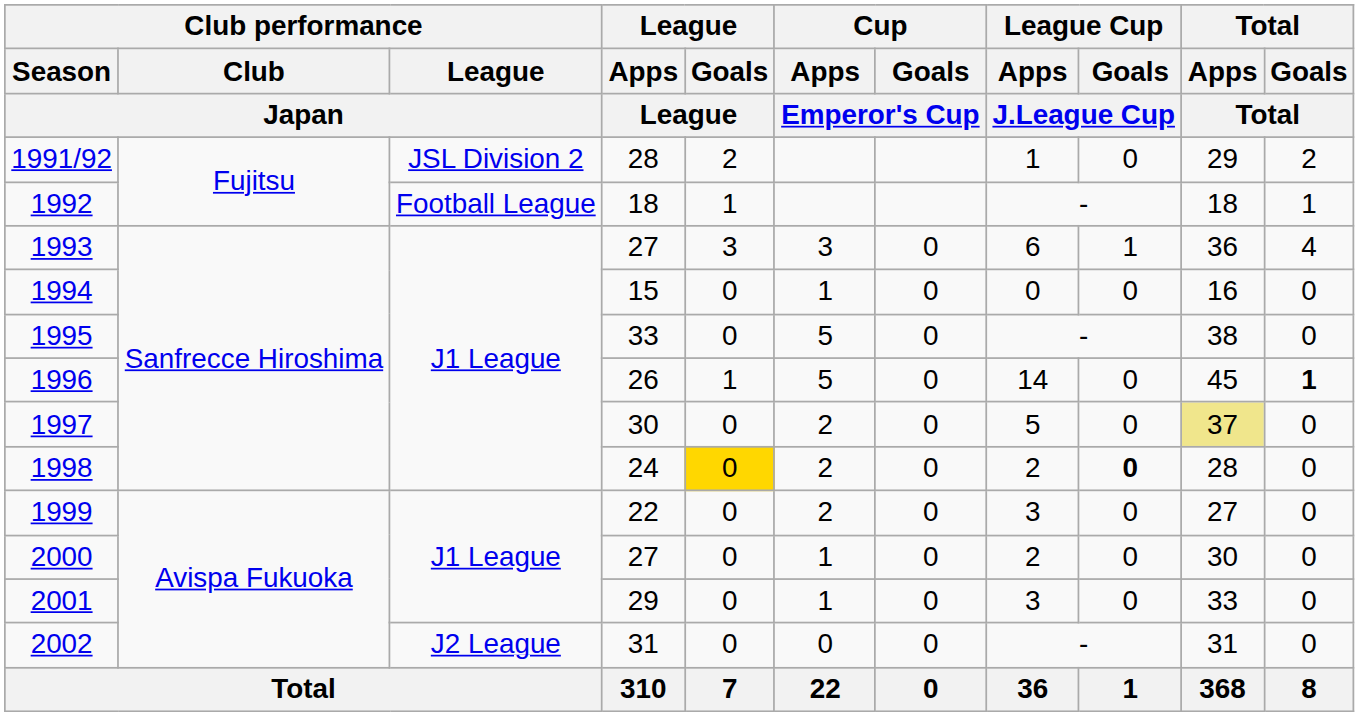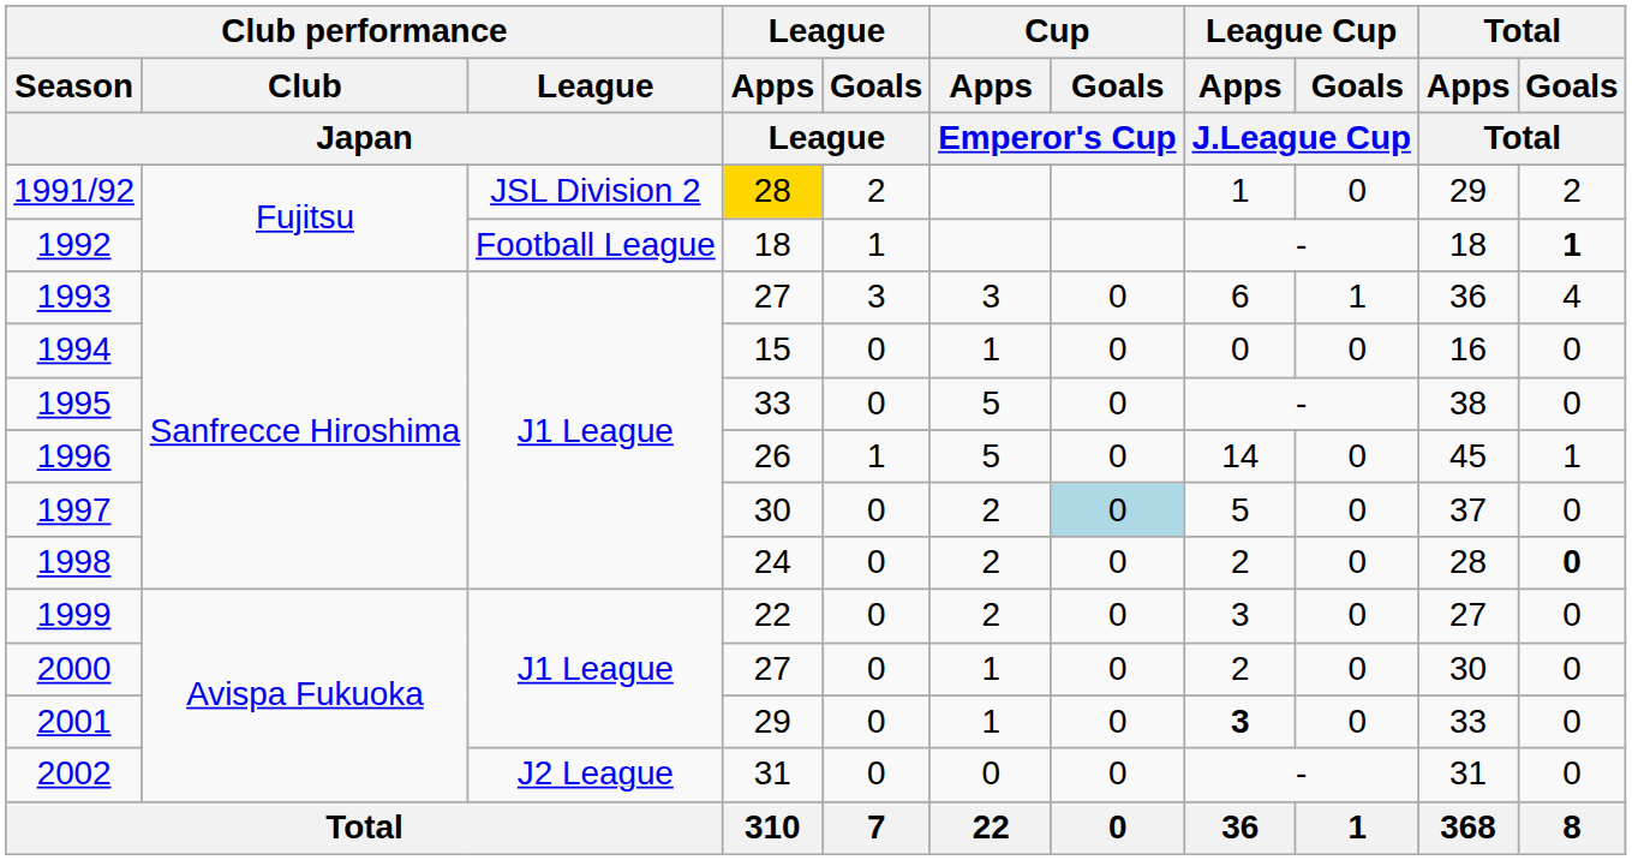 <table class="wikitable" style="text-align:center;">
 <tr>
 <th colspan=3>Club performance</th>
 <th colspan=2>League</th>
 <th colspan=2>Cup</th>
 <th colspan=2>League Cup</th>
 <th colspan=2>Total</th>
 </tr>
 <tr>
 <th>Season</th>
 <th>Club</th>
 <th>League</th>
 <th>Apps</th>
 <th>Goals</th>
 <th>Apps</th>
 <th>Goals</th>
 <th>Apps</th>
 <th>Goals</th>
 <th>Apps</th>
 <th>Goals</th>
 </tr>
 <tr>
 <th colspan=3>Japan</th>
 <th colspan=2>League</th>
 <th colspan=2><a href='#'>Emperor's Cup</a></th>
 <th colspan=2><a href='#'>J.League Cup</a></th>
 <th colspan=2>Total</th>
 </tr>
 <tr>
 <td><a href='#'>1991/92</a></td>
 <td rowspan="2"><a href='#'>Fujitsu</a></td>
 <td><a href='#'>JSL Division 2</a></td>
-<td>28</td>
+<td style="background: gold;">28</td>
 <td>2</td>
 <td></td>
 <td></td>
 <td>1</td>
 <td>0</td>
 <td>29</td>
 <td>2</td>
 </tr>
 <tr>
 <td><a href='#'>1992</a></td>
 <td><a href='#'>Football League</a></td>
 <td>18</td>
 <td>1</td>
 <td></td>
 <td></td>
 <td colspan="2">-</td>
 <td>18</td>
-<td>1</td>
+<td><strong>1</strong></td>
 </tr>
 <tr>
 <td><a href='#'>1993</a></td>
 <td rowspan="6"><a href='#'>Sanfrecce Hiroshima</a></td>
 <td rowspan="6"><a href='#'>J1 League</a></td>
 <td>27</td>
 <td>3</td>
 <td>3</td>
 <td>0</td>
 <td>6</td>
 <td>1</td>
 <td>36</td>
 <td>4</td>
 </tr>
 <tr>
 <td><a href='#'>1994</a></td>
 <td>15</td>
 <td>0</td>
 <td>1</td>
 <td>0</td>
 <td>0</td>
 <td>0</td>
 <td>16</td>
 <td>0</td>
 </tr>
 <tr>
 <td><a href='#'>1995</a></td>
 <td>33</td>
 <td>0</td>
 <td>5</td>
 <td>0</td>
 <td colspan="2">-</td>
 <td>38</td>
 <td>0</td>
 </tr>
 <tr>
 <td><a href='#'>1996</a></td>
 <td>26</td>
 <td>1</td>
 <td>5</td>
 <td>0</td>
 <td>14</td>
 <td>0</td>
 <td>45</td>
-<td><strong>1</strong></td>
+<td>1</td>
 </tr>
 <tr>
 <td><a href='#'>1997</a></td>
 <td>30</td>
 <td>0</td>
 <td>2</td>
-<td>0</td>
+<td style="background: lightblue;">0</td>
 <td>5</td>
 <td>0</td>
-<td style="background: khaki;">37</td>
+<td>37</td>
 <td>0</td>
 </tr>
 <tr>
 <td><a href='#'>1998</a></td>
 <td>24</td>
-<td style="background: gold;">0</td>
+<td>0</td>
 <td>2</td>
 <td>0</td>
 <td>2</td>
+<td>0</td>
+<td>28</td>
 <td><strong>0</strong></td>
-<td>28</td>
-<td>0</td>
 </tr>
 <tr>
 <td><a href='#'>1999</a></td>
 <td rowspan="4"><a href='#'>Avispa Fukuoka</a></td>
 <td rowspan="3"><a href='#'>J1 League</a></td>
 <td>22</td>
 <td>0</td>
 <td>2</td>
 <td>0</td>
 <td>3</td>
 <td>0</td>
 <td>27</td>
 <td>0</td>
 </tr>
 <tr>
 <td><a href='#'>2000</a></td>
 <td>27</td>
 <td>0</td>
 <td>1</td>
 <td>0</td>
 <td>2</td>
 <td>0</td>
 <td>30</td>
 <td>0</td>
 </tr>
 <tr>
 <td><a href='#'>2001</a></td>
 <td>29</td>
 <td>0</td>
 <td>1</td>
 <td>0</td>
-<td>3</td>
+<td><strong>3</strong></td>
 <td>0</td>
 <td>33</td>
 <td>0</td>
 </tr>
 <tr>
 <td><a href='#'>2002</a></td>
 <td><a href='#'>J2 League</a></td>
 <td>31</td>
 <td>0</td>
 <td>0</td>
 <td>0</td>
 <td colspan="2">-</td>
 <td>31</td>
 <td>0</td>
 </tr>
 <tr>
 <th colspan=3>Total</th>
 <th>310</th>
 <th>7</th>
 <th>22</th>
 <th>0</th>
 <th>36</th>
 <th>1</th>
 <th>368</th>
 <th>8</th>
 </tr>
 </table>
